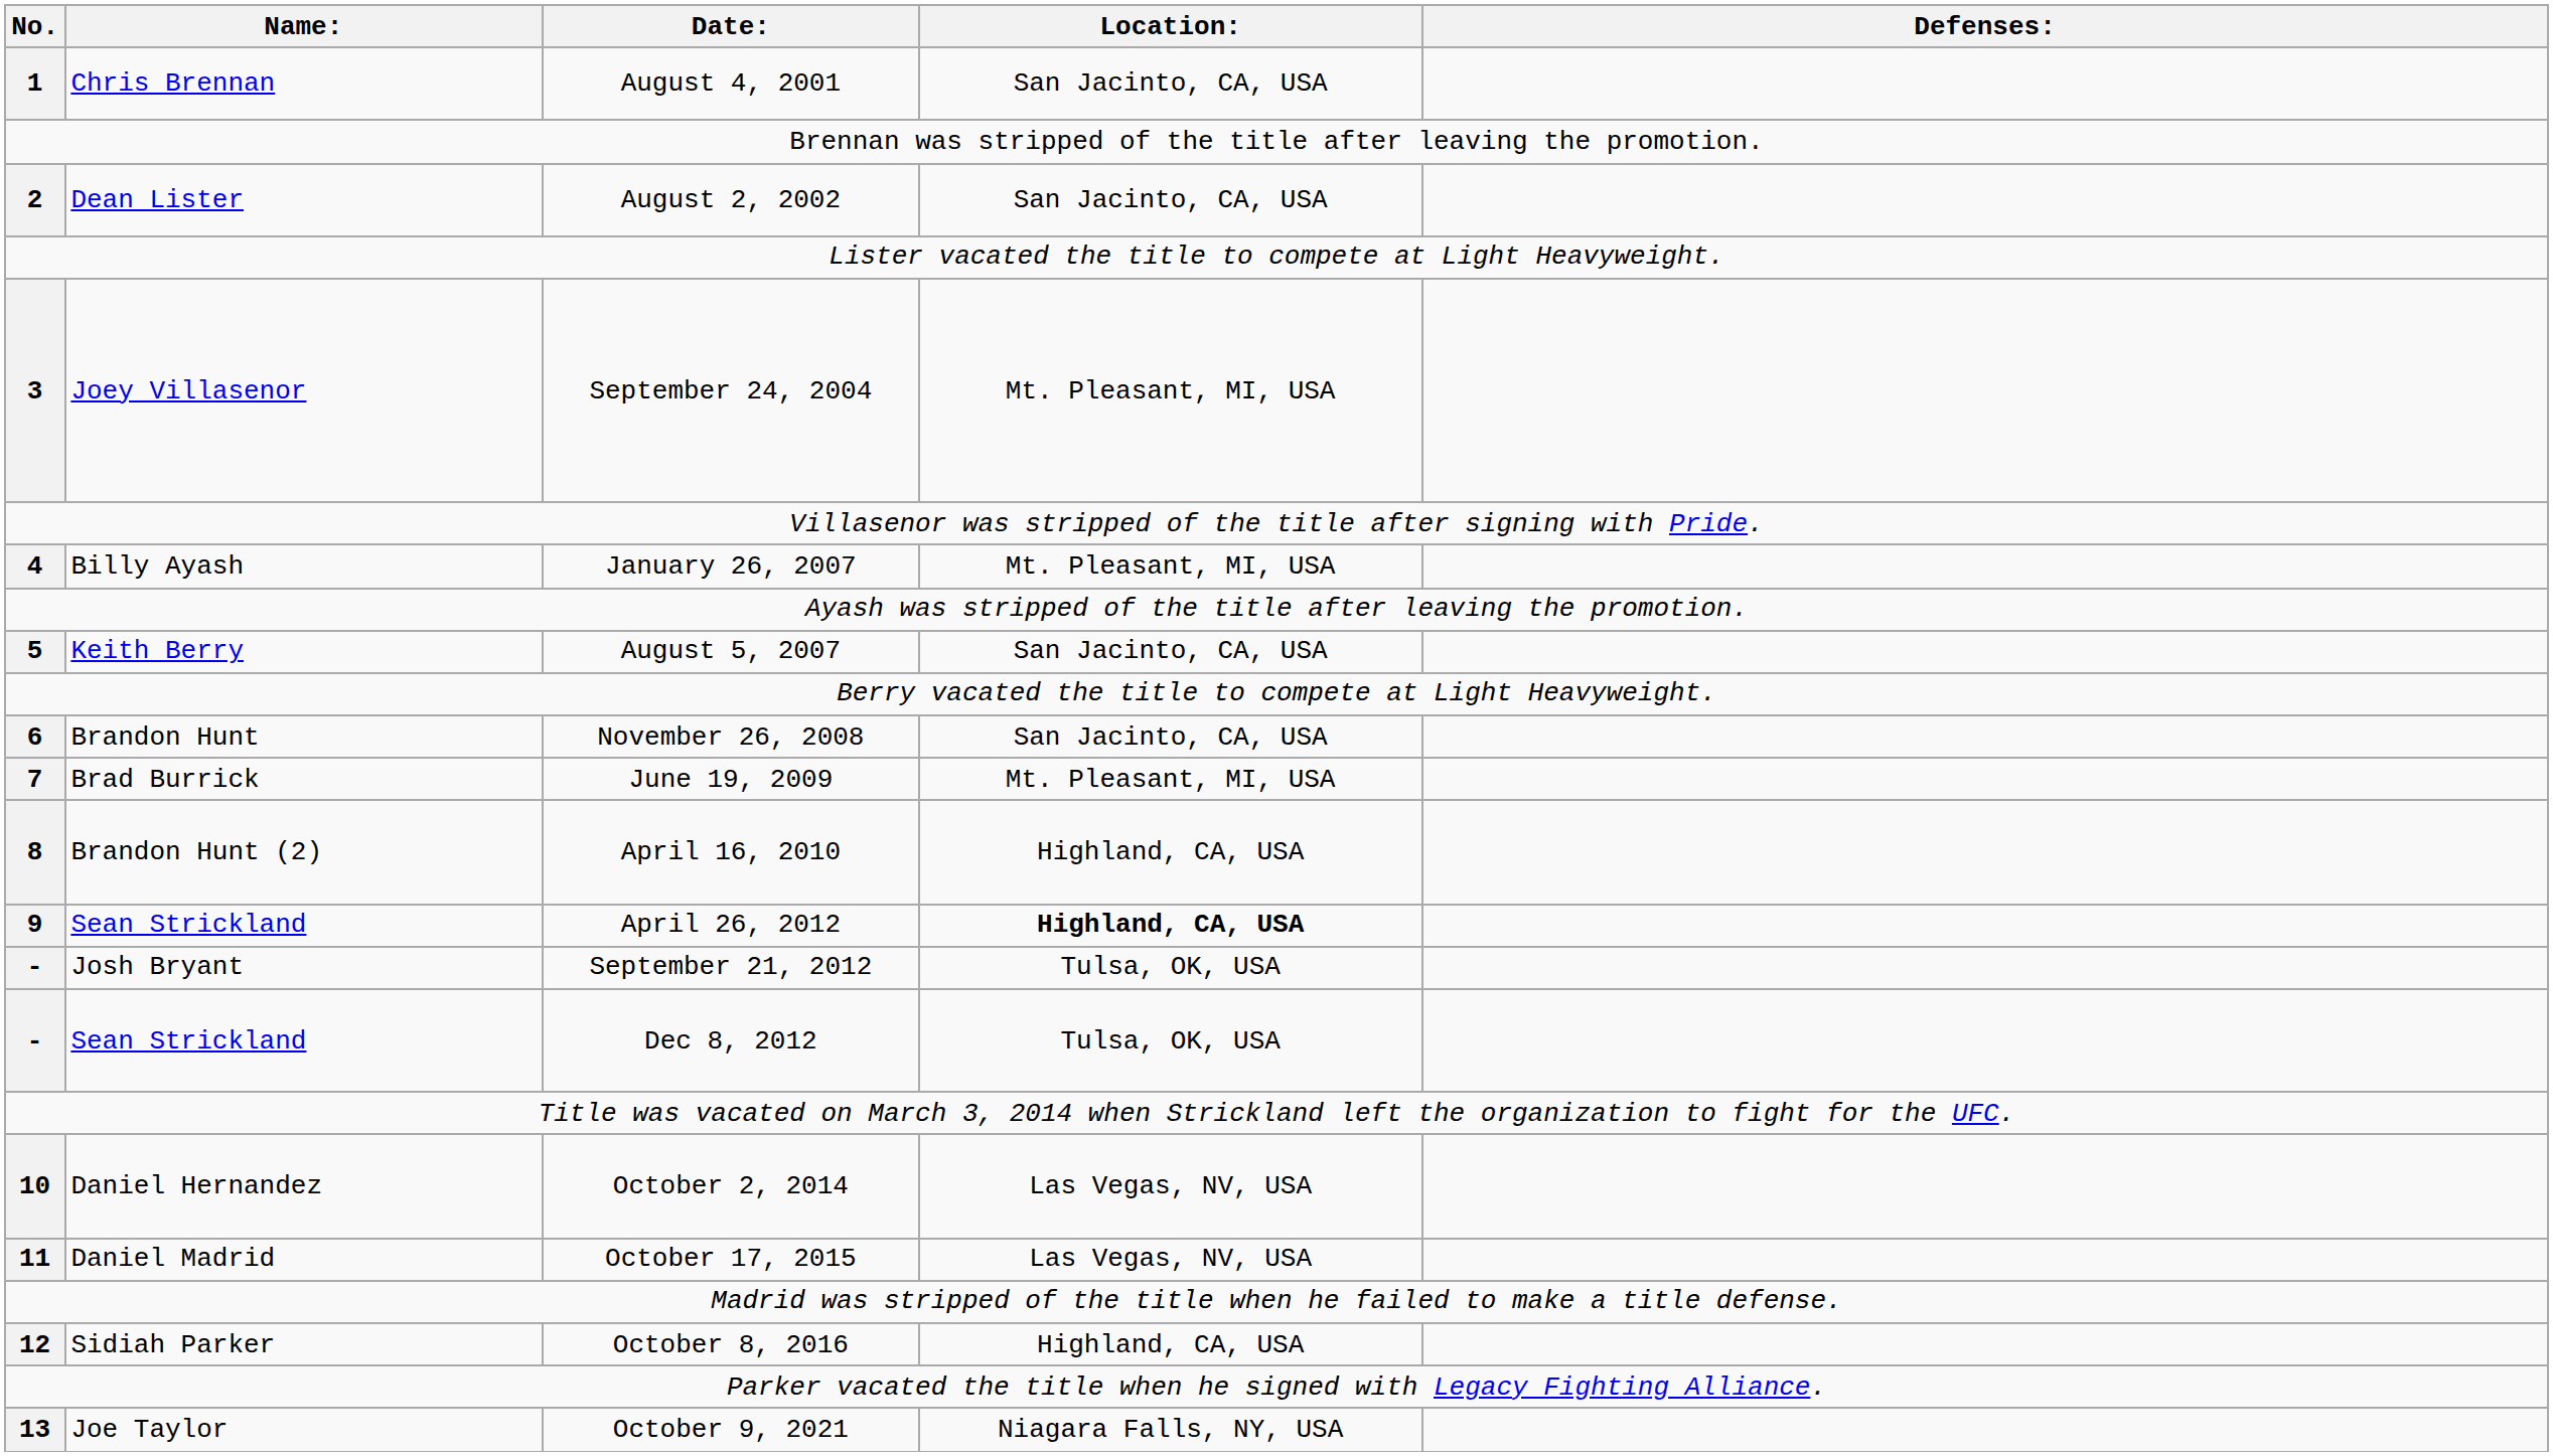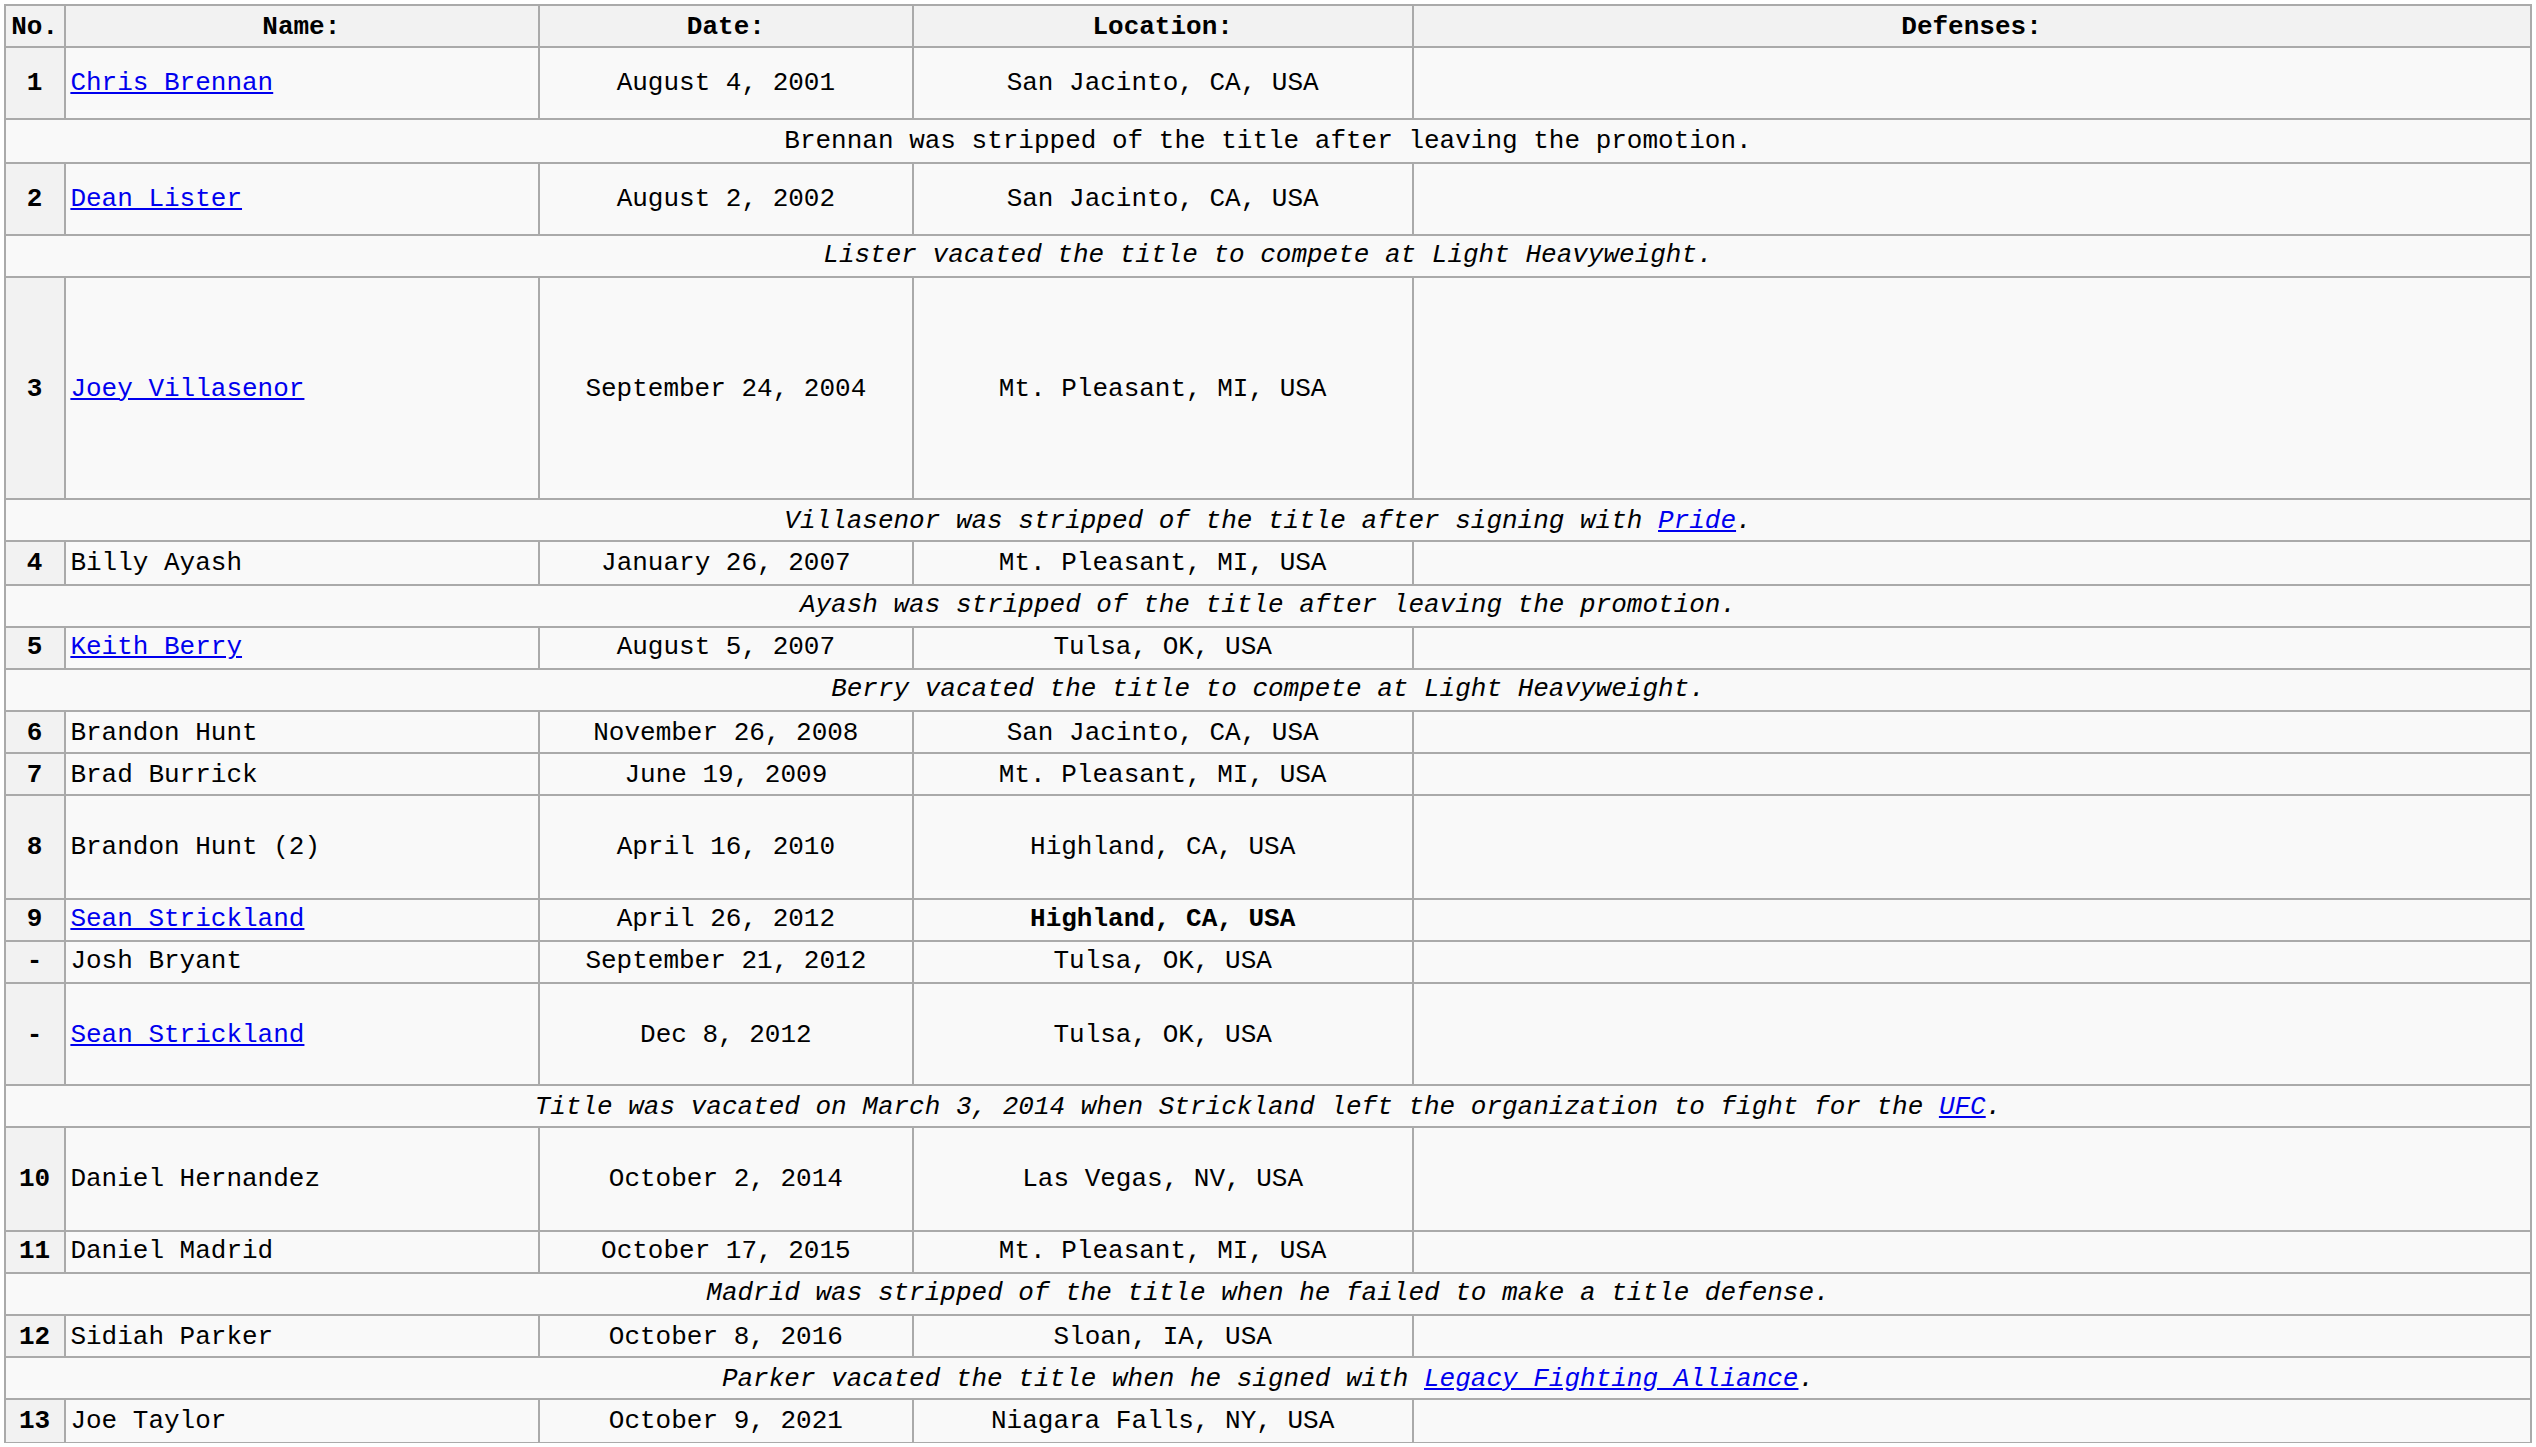 <table class="wikitable" width=100%>
 <tr>
 <th width=1%>No.</th>
 <th width=19%>Name:</th>
 <th width=15%>Date:</th>
 <th width=20%>Location:</th>
 <th width=45%>Defenses:</th>
 </tr>
 <tr>
 <th>1</th>
 <td align=left> <a href='#'>Chris Brennan</a><br></td>
 <td align=center>August 4, 2001<br></td>
 <td align=center>San Jacinto, CA, USA</td>
 <td><br><br> </td>
 </tr>
 <tr>
 <td align="center" colspan="5">Brennan was stripped of the title after leaving the promotion.</td>
 </tr>
 <tr>
 <th>2</th>
 <td align=left> <a href='#'>Dean Lister</a><br></td>
 <td align=center>August 2, 2002<br></td>
 <td align=center>San Jacinto, CA, USA</td>
 <td><br><br> </td>
 </tr>
 <tr>
 <td align="center" colspan="5"><em>Lister vacated the title to compete at Light Heavyweight.</em></td>
 </tr>
 <tr>
 <th>3</th>
 <td align=left> <a href='#'>Joey Villasenor</a><br></td>
 <td align=center>September 24, 2004<br></td>
 <td align=center>Mt. Pleasant, MI, USA</td>
 <td><br><br> <br> <br> <br> <br> <br> </td>
 </tr>
 <tr>
 <td align="center" colspan="5"><em>Villasenor was stripped of the title after signing with <a href='#'>Pride</a>.</em></td>
 </tr>
 <tr>
 <th>4</th>
 <td align=left> Billy Ayash<br></td>
 <td align=center>January 26, 2007<br></td>
 <td align=center>Mt. Pleasant, MI, USA</td>
 <td></td>
 </tr>
 <tr>
 <td align="center" colspan="5"><em>Ayash was stripped of the title after leaving the promotion.</em></td>
 </tr>
 <tr>
 <th>5</th>
 <td align=left> <a href='#'>Keith Berry</a><br></td>
 <td align=center>August 5, 2007<br></td>
-<td align=center>San Jacinto, CA, USA</td>
+<td align=center>Tulsa, OK, USA</td>
 <td><br></td>
 </tr>
 <tr>
 <td align="center" colspan="5"><em>Berry vacated the title to compete at Light Heavyweight.</em></td>
 </tr>
 <tr>
 <th>6</th>
 <td align=left> Brandon Hunt<br></td>
 <td align=center>November 26, 2008<br></td>
 <td align=center>San Jacinto, CA, USA</td>
 <td></td>
 </tr>
 <tr>
 <th>7</th>
 <td align=left> Brad Burrick<br></td>
 <td align=center>June 19, 2009<br></td>
 <td align=center>Mt. Pleasant, MI, USA</td>
 <td></td>
 </tr>
 <tr>
 <th>8</th>
 <td align=left> Brandon Hunt (2)<br></td>
 <td align=center>April 16, 2010<br></td>
 <td align=center>Highland, CA, USA</td>
 <td><br><br> <br> </td>
 </tr>
 <tr>
 <th>9</th>
 <td align=left> <a href='#'>Sean Strickland</a></td>
 <td align=center>April 26, 2012<br></td>
 <td align=center><strong>Highland, CA, USA</strong></td>
 <td></td>
 </tr>
 <tr>
 <th>-</th>
 <td align=left> Josh Bryant<br></td>
 <td align=center>September 21, 2012<br></td>
 <td align=center>Tulsa, OK, USA</td>
 <td></td>
 </tr>
 <tr>
 <th>-</th>
 <td align=left> <a href='#'>Sean Strickland</a> <br> </td>
 <td align=center>Dec 8, 2012<br></td>
 <td align=center>Tulsa, OK, USA</td>
 <td><br><br><br> </td>
 </tr>
 <tr>
 <td align="center" colspan="5"><em>Title was vacated on March 3, 2014 when Strickland left the organization to fight for the <a href='#'>UFC</a>.</em></td>
 </tr>
 <tr>
 <th>10</th>
 <td align=left> Daniel Hernandez<br></td>
 <td align=center>October 2, 2014<br></td>
 <td align=center>Las Vegas, NV, USA</td>
 <td><br><br> <br> </td>
 </tr>
 <tr>
 <th>11</th>
 <td align=left> Daniel Madrid</td>
 <td align=center>October 17, 2015<br></td>
-<td align=center>Las Vegas, NV, USA</td>
+<td align=center>Mt. Pleasant, MI, USA</td>
 <td></td>
 </tr>
 <tr>
 <td align="center" colspan="5"><em>Madrid was stripped of the title when he failed to make a title defense.</em></td>
 </tr>
 <tr>
 <th>12</th>
 <td align=left> Sidiah Parker<br></td>
 <td align=center>October 8, 2016<br></td>
-<td align=center>Highland, CA, USA</td>
+<td align=center>Sloan, IA, USA</td>
 <td></td>
 </tr>
 <tr>
 <td align="center" colspan="5"><em>Parker vacated the title when he signed with <a href='#'>Legacy Fighting Alliance</a>.</em></td>
 </tr>
 <tr>
 <th>13</th>
 <td align=left> Joe Taylor<br></td>
 <td align=center>October 9, 2021<br></td>
 <td align=center>Niagara Falls, NY, USA</td>
 <td></td>
 </tr>
 </table>
